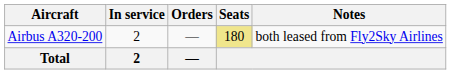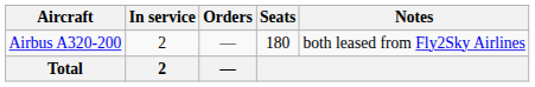 <table class="wikitable" style="border-collapse:collapse;text-align:center;  margin: 1em auto;">
 <tr>
 <th>Aircraft</th>
 <th>In service</th>
 <th>Orders</th>
 <th>Seats</th>
 <th>Notes</th>
 </tr>
 <tr>
 <td><a href='#'>Airbus A320-200</a></td>
 <td>2</td>
 <td>—</td>
-<td style="background: khaki;">180</td>
+<td>180</td>
 <td>both leased from <a href='#'>Fly2Sky Airlines</a></td>
 </tr>
 <tr>
 <th>Total</th>
 <th>2</th>
 <th>—</th>
 <th colspan="2"></th>
 </tr>
 </table>
